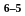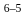 <table style="text-align:center">
 <tr>
 <th width=200></th>
 <th width=100></th>
 <th width=200></th>
 </tr>
 <tr>
 <td align=right><strong></strong></td>
-<td><strong>6–5</strong></td>
+<td>6–5</td>
 <td align=left></td>
 </tr>
 </table>
